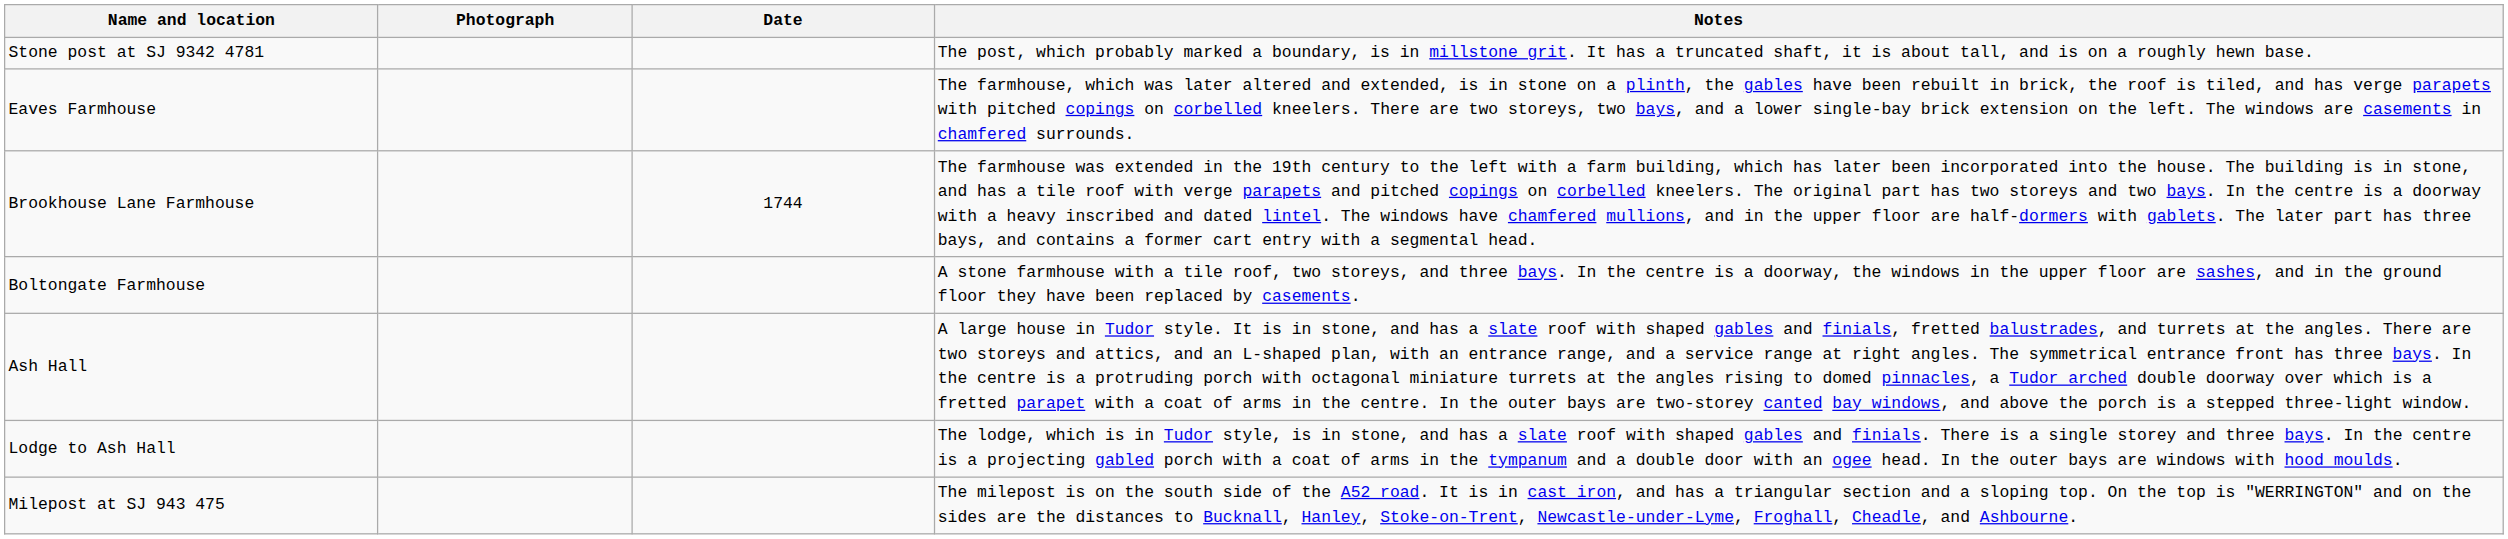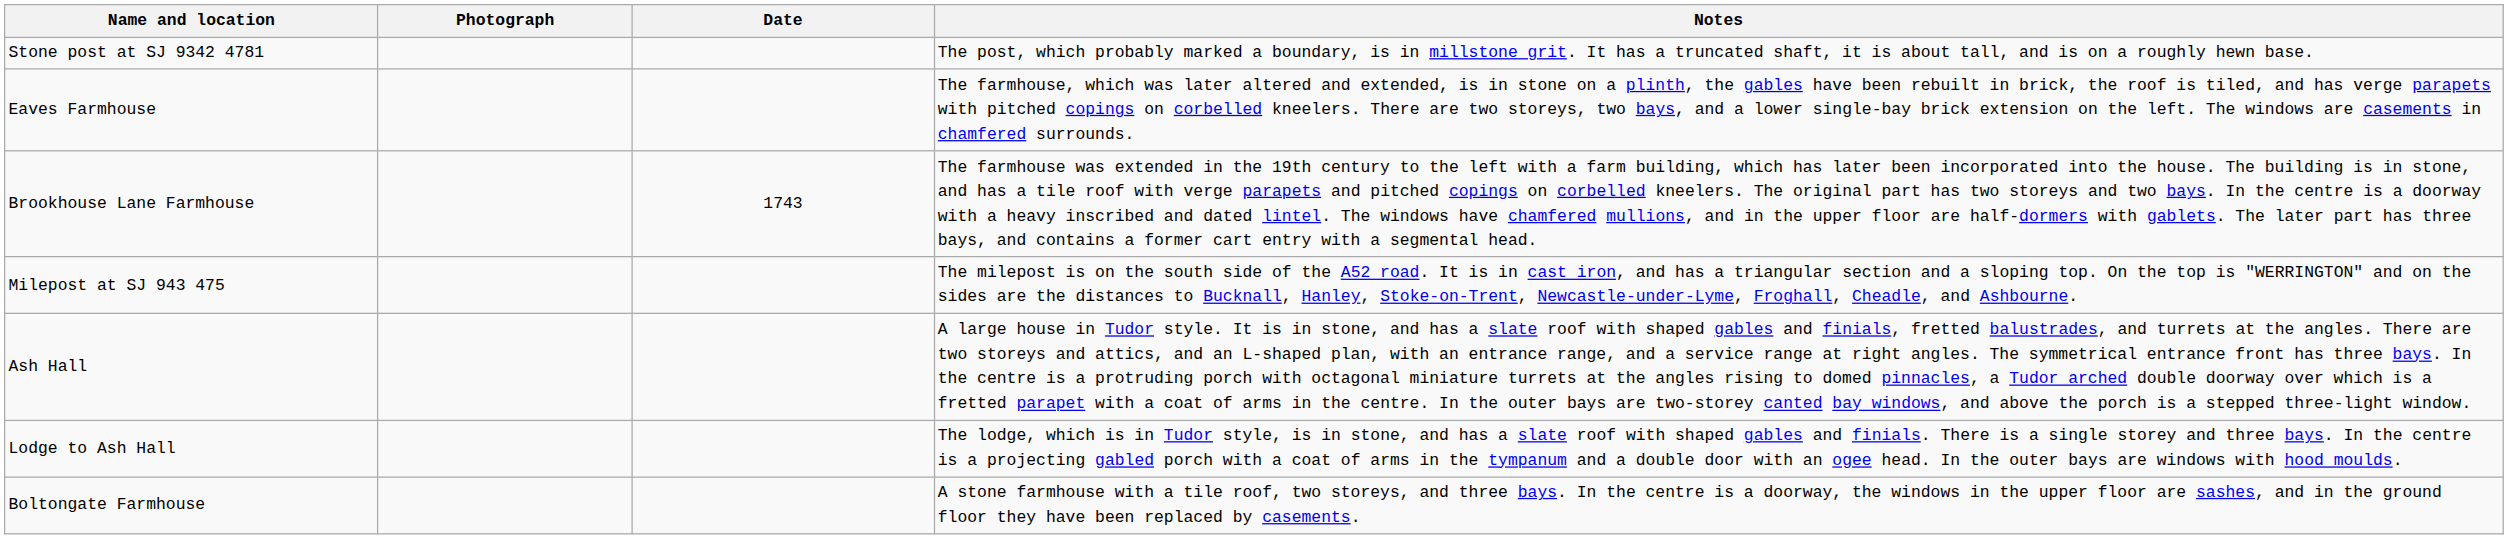 <table class="wikitable sortable plainrowheaders" style="width:100%;border:0px;text-align:left;line-height:150%;">
 <tr>
 <th scope="col"  style="width:150px">Name and location</th>
 <th scope="col"  style="width:100px" class="unsortable">Photograph</th>
 <th scope="col"  style="width:120px">Date</th>
 <th scope="col"  style="width:650px" class="unsortable">Notes</th>
 </tr>
 <tr>
 <td>Stone post at SJ 9342 4781<br><small></small></td>
 <td></td>
 <td align="center"></td>
 <td>The post, which probably marked a boundary, is in <a href='#'>millstone grit</a>.  It has a truncated shaft, it is about  tall, and is on a roughly hewn base.</td>
 </tr>
 <tr>
 <td>Eaves Farmhouse<br><small></small></td>
 <td></td>
 <td align="center"></td>
 <td>The farmhouse, which was later altered and extended, is in stone on a <a href='#'>plinth</a>, the <a href='#'>gables</a> have been rebuilt in brick, the roof is tiled, and has verge <a href='#'>parapets</a> with pitched <a href='#'>copings</a> on <a href='#'>corbelled</a> kneelers.  There are two storeys, two <a href='#'>bays</a>, and a lower single-bay brick extension on the left.  The windows are <a href='#'>casements</a> in <a href='#'>chamfered</a> surrounds.</td>
 </tr>
 <tr>
 <td>Brookhouse Lane Farmhouse<br><small></small></td>
 <td></td>
-<td align="center">1744</td>
+<td align="center">1743</td>
 <td>The farmhouse was extended in the 19th century to the left with a farm building, which has later been incorporated into the house.  The building is in stone, and has a tile roof with verge <a href='#'>parapets</a> and pitched <a href='#'>copings</a> on <a href='#'>corbelled</a> kneelers.  The original part has two storeys and two <a href='#'>bays</a>.  In the centre is a doorway with a heavy inscribed and dated <a href='#'>lintel</a>.  The windows have <a href='#'>chamfered</a> <a href='#'>mullions</a>, and in the upper floor are half-<a href='#'>dormers</a> with <a href='#'>gablets</a>.  The later part has three bays, and contains a former cart entry with a segmental head.</td>
 </tr>
 <tr>
-<td>Boltongate Farmhouse<br><small></small></td>
+<td>Milepost at SJ 943 475<br><small></small></td>
 <td></td>
 <td align="center"></td>
-<td>A stone farmhouse with a tile roof, two storeys, and three <a href='#'>bays</a>.  In the centre is a doorway, the windows in the upper floor are <a href='#'>sashes</a>, and in the ground floor they have been replaced by <a href='#'>casements</a>.</td>
+<td>The milepost is on the south side of the <a href='#'>A52 road</a>.  It is in <a href='#'>cast iron</a>, and has a triangular section and a sloping top.  On the top is "WERRINGTON" and on the sides are the distances to <a href='#'>Bucknall</a>, <a href='#'>Hanley</a>, <a href='#'>Stoke-on-Trent</a>, <a href='#'>Newcastle-under-Lyme</a>, <a href='#'>Froghall</a>, <a href='#'>Cheadle</a>, and <a href='#'>Ashbourne</a>.</td>
 </tr>
 <tr>
 <td>Ash Hall<br><small></small></td>
 <td></td>
 <td align="center"></td>
 <td>A large house in <a href='#'>Tudor</a> style.  It is in stone, and has a <a href='#'>slate</a> roof with shaped <a href='#'>gables</a> and <a href='#'>finials</a>, fretted <a href='#'>balustrades</a>, and turrets at the angles.  There are two storeys and attics, and an L-shaped plan, with an entrance range, and a service range at right angles.  The symmetrical entrance front has three <a href='#'>bays</a>.  In the centre is a protruding porch with octagonal miniature turrets at the angles rising to domed <a href='#'>pinnacles</a>, a <a href='#'>Tudor arched</a> double doorway over which is a fretted <a href='#'>parapet</a> with a coat of arms in the centre.  In the outer bays are two-storey <a href='#'>canted</a> <a href='#'>bay windows</a>, and above the porch is a stepped three-light window.</td>
 </tr>
 <tr>
 <td>Lodge to Ash Hall<br><small></small></td>
 <td></td>
 <td align="center"></td>
 <td>The lodge, which is in <a href='#'>Tudor</a> style, is in stone, and has a <a href='#'>slate</a> roof with shaped <a href='#'>gables</a> and <a href='#'>finials</a>.  There is a single storey and three <a href='#'>bays</a>.  In the centre is a projecting <a href='#'>gabled</a> porch with a coat of arms in the <a href='#'>tympanum</a> and a double door with an <a href='#'>ogee</a> head.  In the outer bays are windows with <a href='#'>hood moulds</a>.</td>
 </tr>
 <tr>
-<td>Milepost at SJ 943 475<br><small></small></td>
+<td>Boltongate Farmhouse<br><small></small></td>
 <td></td>
 <td align="center"></td>
-<td>The milepost is on the south side of the <a href='#'>A52 road</a>.  It is in <a href='#'>cast iron</a>, and has a triangular section and a sloping top.  On the top is "WERRINGTON" and on the sides are the distances to <a href='#'>Bucknall</a>, <a href='#'>Hanley</a>, <a href='#'>Stoke-on-Trent</a>, <a href='#'>Newcastle-under-Lyme</a>, <a href='#'>Froghall</a>, <a href='#'>Cheadle</a>, and <a href='#'>Ashbourne</a>.</td>
+<td>A stone farmhouse with a tile roof, two storeys, and three <a href='#'>bays</a>.  In the centre is a doorway, the windows in the upper floor are <a href='#'>sashes</a>, and in the ground floor they have been replaced by <a href='#'>casements</a>.</td>
 </tr>
 <tr>
 </tr>
 </table>
